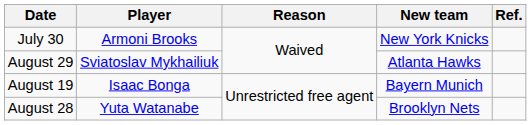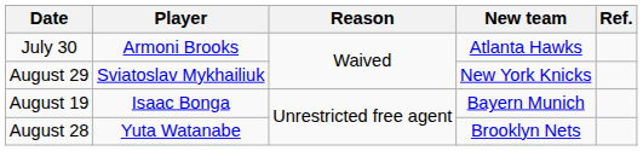 <table class="wikitable sortable sortable" style="text-align: center">
 <tr>
 <th>Date</th>
 <th>Player</th>
 <th>Reason</th>
 <th>New team</th>
 <th>Ref.</th>
 </tr>
 <tr>
 <td>July 30</td>
 <td><a href='#'>Armoni Brooks</a></td>
 <td rowspan="2">Waived</td>
-<td><a href='#'>New York Knicks</a></td>
+<td><a href='#'>Atlanta Hawks</a></td>
 <td></td>
 </tr>
 <tr>
 <td>August 29</td>
 <td><a href='#'>Sviatoslav Mykhailiuk</a></td>
-<td><a href='#'>Atlanta Hawks</a></td>
+<td><a href='#'>New York Knicks</a></td>
 <td></td>
 </tr>
 <tr>
 <td>August 19</td>
 <td><a href='#'>Isaac Bonga</a></td>
 <td rowspan="2">Unrestricted free agent</td>
 <td><a href='#'>Bayern Munich</a></td>
 <td></td>
 </tr>
 <tr>
 <td>August 28</td>
 <td><a href='#'>Yuta Watanabe</a></td>
 <td><a href='#'>Brooklyn Nets</a></td>
 <td></td>
 </tr>
 </table>
